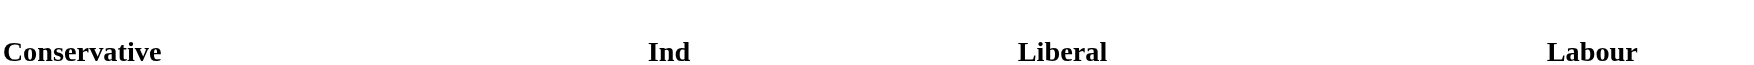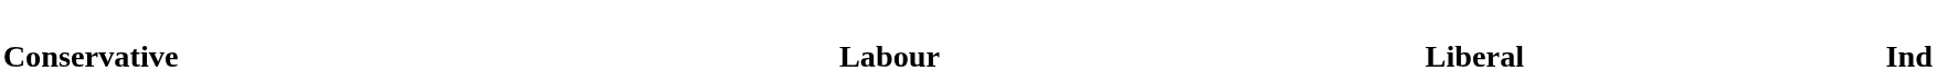 <table style="width:100%; text-align:center;">
 <tr style="color:white;">
 <td style="background:"><strong>82</strong></td>
+<td style="background:"><strong>18</strong></td>
+<td style="background:"><strong>3</strong></td>
 <td style="background:"><strong>1</strong></td>
-<td style="background:"><strong>3</strong></td>
-<td style="background:"><strong>18</strong></td>
 </tr>
 <tr>
 <td><span><strong>Conservative</strong></span></td>
+<td><span><strong>Labour</strong></span></td>
+<td><span><strong>Liberal</strong></span></td>
 <td><span><strong>Ind</strong></span></td>
-<td><span><strong>Liberal</strong></span></td>
-<td><span><strong>Labour</strong></span></td>
 </tr>
 </table>
